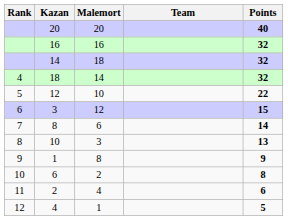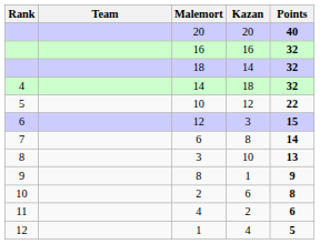 <table class="wikitable" style="text-align: center;">
 <tr>
 <th width=40>Rank</th>
+<th width=180>Team</th>
+<th width=55>Malemort</th>
 <th width=55>Kazan</th>
-<th width=55>Malemort</th>
-<th width=180>Team</th>
 <th width=55>Points</th>
 </tr>
 <tr bgcolor=ccccff>
 <td></td>
+<td align=left></td>
 <td>20</td>
 <td>20</td>
-<td align=left></td>
 <td><strong>40</strong></td>
 </tr>
 <tr bgcolor=ccffcc>
 <td></td>
+<td align=left></td>
 <td>16</td>
 <td>16</td>
-<td align=left></td>
 <td><strong>32</strong></td>
 </tr>
 <tr bgcolor=ccccff>
 <td></td>
+<td align=left></td>
+<td>18</td>
 <td>14</td>
-<td>18</td>
-<td align=left></td>
 <td><strong>32</strong></td>
 </tr>
 <tr bgcolor=ccffcc>
 <td>4</td>
+<td align=left></td>
+<td>14</td>
 <td>18</td>
-<td>14</td>
-<td align=left></td>
 <td><strong>32</strong></td>
 </tr>
 <tr>
 <td>5</td>
+<td align=left></td>
+<td>10</td>
 <td>12</td>
-<td>10</td>
-<td align=left></td>
 <td><strong>22</strong></td>
 </tr>
 <tr bgcolor=ccccff>
 <td>6</td>
+<td align=left></td>
+<td>12</td>
 <td>3</td>
-<td>12</td>
-<td align=left></td>
 <td><strong>15</strong></td>
 </tr>
 <tr>
 <td>7</td>
+<td align=left></td>
+<td>6</td>
 <td>8</td>
-<td>6</td>
-<td align=left></td>
 <td><strong>14</strong></td>
 </tr>
 <tr>
 <td>8</td>
+<td align=left></td>
+<td>3</td>
 <td>10</td>
-<td>3</td>
-<td align=left></td>
 <td><strong>13</strong></td>
 </tr>
 <tr>
 <td>9</td>
+<td align=left></td>
+<td>8</td>
 <td>1</td>
-<td>8</td>
-<td align=left></td>
 <td><strong>9</strong></td>
 </tr>
 <tr>
 <td>10</td>
+<td align=left></td>
+<td>2</td>
 <td>6</td>
-<td>2</td>
-<td align=left></td>
 <td><strong>8</strong></td>
 </tr>
 <tr>
 <td>11</td>
+<td align=left></td>
+<td>4</td>
 <td>2</td>
-<td>4</td>
-<td align=left></td>
 <td><strong>6</strong></td>
 </tr>
 <tr>
 <td>12</td>
+<td align=left></td>
+<td>1</td>
 <td>4</td>
-<td>1</td>
-<td align=left></td>
 <td><strong>5</strong></td>
 </tr>
 </table>
